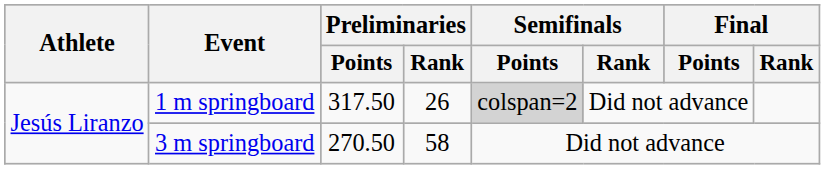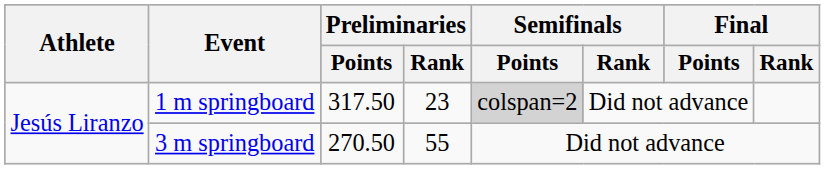 <table class="wikitable" style="text-align:center; font-size:90%; ">
 <tr>
 <th rowspan=2>Athlete</th>
 <th rowspan=2>Event</th>
 <th colspan=2>Preliminaries</th>
 <th colspan=2>Semifinals</th>
 <th colspan=2>Final</th>
 </tr>
 <tr style="font-size:95%">
 <th>Points</th>
 <th>Rank</th>
 <th>Points</th>
 <th>Rank</th>
 <th>Points</th>
 <th>Rank</th>
 </tr>
 <tr>
 <td align=left rowspan=2><a href='#'>Jesús Liranzo</a></td>
 <td align=left><a href='#'>1 m springboard</a></td>
 <td>317.50</td>
-<td>26</td>
+<td>23</td>
 <td style="background: lightgrey;">colspan=2 </td>
 <td colspan=2>Did not advance</td>
 </tr>
 <tr>
 <td align=left><a href='#'>3 m springboard</a></td>
 <td>270.50</td>
-<td>58</td>
+<td>55</td>
 <td colspan=4>Did not advance</td>
 </tr>
 </table>
